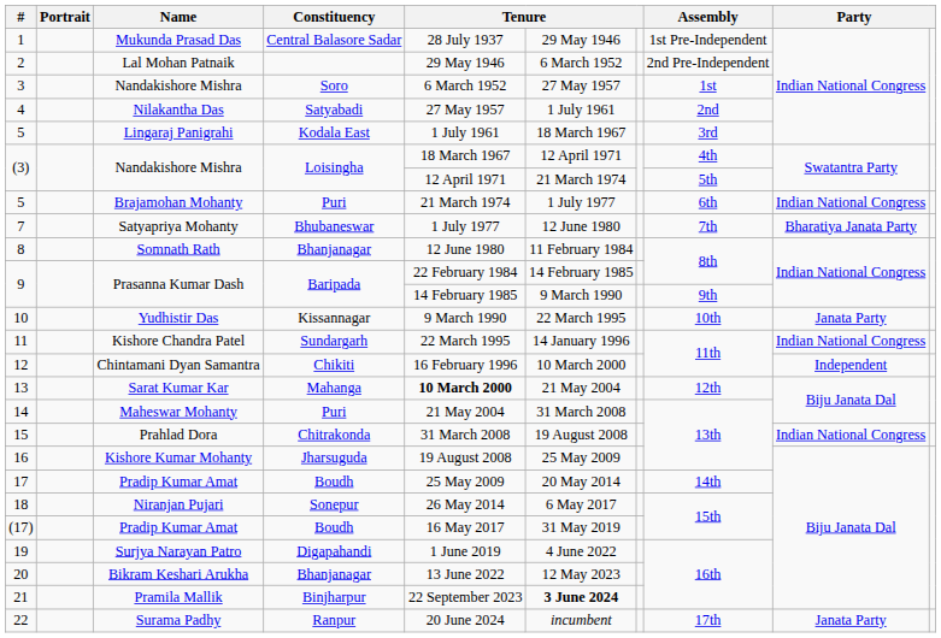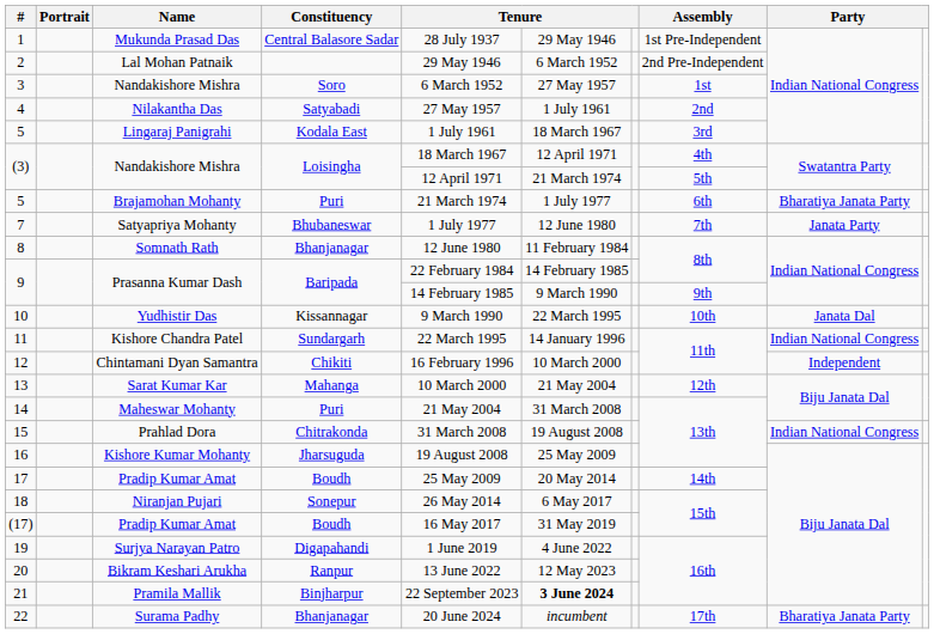 <table class="wikitable" style="text-align:center">
 <tr>
 <th>#</th>
 <th>Portrait</th>
 <th>Name</th>
 <th>Constituency</th>
 <th colspan="3">Tenure</th>
 <th>Assembly</th>
 <th colspan="2">Party</th>
 </tr>
 <tr>
 <td>1</td>
 <td></td>
 <td><a href='#'>Mukunda Prasad Das</a></td>
 <td><a href='#'>Central Balasore Sadar</a></td>
 <td>28 July 1937</td>
 <td>29 May 1946</td>
 <td></td>
 <td>1st Pre-Independent</td>
 <td rowspan="5"><a href='#'>Indian National Congress</a></td>
 <td rowspan="5" style="background-color: "></td>
 </tr>
 <tr>
 <td>2</td>
 <td></td>
 <td>Lal Mohan Patnaik</td>
 <td></td>
 <td>29 May 1946</td>
 <td>6 March 1952</td>
 <td></td>
 <td>2nd Pre-Independent</td>
 </tr>
 <tr>
 <td>3</td>
 <td></td>
 <td>Nandakishore Mishra</td>
 <td><a href='#'>Soro</a></td>
 <td>6 March 1952</td>
 <td>27 May 1957</td>
 <td></td>
 <td><a href='#'>1st</a></td>
 </tr>
 <tr>
 <td>4</td>
 <td></td>
 <td><a href='#'>Nilakantha Das</a></td>
 <td><a href='#'>Satyabadi</a></td>
 <td>27 May 1957</td>
 <td>1 July 1961</td>
 <td></td>
 <td><a href='#'>2nd</a></td>
 </tr>
 <tr>
 <td>5</td>
 <td></td>
 <td><a href='#'>Lingaraj Panigrahi</a></td>
 <td><a href='#'>Kodala East</a></td>
 <td>1 July 1961</td>
 <td>18 March 1967</td>
 <td></td>
 <td><a href='#'>3rd</a></td>
 </tr>
 <tr>
 <td rowspan="2">(3)</td>
 <td rowspan="2"></td>
 <td rowspan="2">Nandakishore Mishra</td>
 <td rowspan="2"><a href='#'>Loisingha</a></td>
 <td>18 March 1967</td>
 <td>12 April 1971</td>
 <td rowspan="2"></td>
 <td><a href='#'>4th</a></td>
 <td rowspan="2"><a href='#'>Swatantra Party</a></td>
 <td rowspan="2" style="background-color: "></td>
 </tr>
 <tr>
 <td>12 April 1971</td>
 <td>21 March 1974</td>
 <td><a href='#'>5th</a></td>
 </tr>
 <tr>
 <td>5</td>
 <td></td>
 <td><a href='#'>Brajamohan Mohanty</a></td>
 <td><a href='#'>Puri</a></td>
 <td>21 March 1974</td>
 <td>1 July 1977</td>
 <td></td>
 <td><a href='#'>6th</a></td>
-<td><a href='#'>Indian National Congress</a></td>
+<td><a href='#'>Bharatiya Janata Party</a></td>
 <td style="background-color: "></td>
 </tr>
 <tr>
 <td>7</td>
 <td></td>
 <td>Satyapriya Mohanty</td>
 <td><a href='#'>Bhubaneswar</a></td>
 <td>1 July 1977</td>
 <td>12 June 1980</td>
 <td></td>
 <td><a href='#'>7th</a></td>
-<td><a href='#'>Bharatiya Janata Party</a></td>
+<td><a href='#'>Janata Party</a></td>
 <td style="background-color: "></td>
 </tr>
 <tr>
 <td>8</td>
 <td></td>
 <td><a href='#'>Somnath Rath</a></td>
 <td><a href='#'>Bhanjanagar</a></td>
 <td>12 June 1980</td>
 <td>11 February 1984</td>
 <td></td>
 <td rowspan="2"><a href='#'>8th</a></td>
 <td rowspan="3"><a href='#'>Indian National Congress</a></td>
 <td rowspan="3" style="background-color: "></td>
 </tr>
 <tr>
 <td rowspan="2">9</td>
 <td rowspan="2"></td>
 <td rowspan="2">Prasanna Kumar Dash</td>
 <td rowspan="2"><a href='#'>Baripada</a></td>
 <td>22 February 1984</td>
 <td>14 February 1985</td>
 <td></td>
 </tr>
 <tr>
 <td>14 February 1985</td>
 <td>9 March 1990</td>
 <td></td>
 <td><a href='#'>9th</a></td>
 </tr>
 <tr>
 <td>10</td>
 <td></td>
 <td><a href='#'>Yudhistir Das</a></td>
 <td>Kissannagar</td>
 <td>9 March 1990</td>
 <td>22 March 1995</td>
 <td></td>
 <td><a href='#'>10th</a></td>
-<td><a href='#'>Janata Party</a></td>
+<td><a href='#'>Janata Dal</a></td>
 <td style="background-color: "></td>
 </tr>
 <tr>
 <td>11</td>
 <td></td>
 <td>Kishore Chandra Patel</td>
 <td><a href='#'>Sundargarh</a></td>
 <td>22 March 1995</td>
 <td>14 January 1996</td>
 <td></td>
 <td rowspan="2"><a href='#'>11th</a></td>
 <td><a href='#'>Indian National Congress</a></td>
 <td style="background-color: "></td>
 </tr>
 <tr>
 <td>12</td>
 <td></td>
 <td>Chintamani Dyan Samantra</td>
 <td><a href='#'>Chikiti</a></td>
 <td>16 February 1996</td>
 <td>10 March 2000</td>
 <td></td>
 <td><a href='#'>Independent</a></td>
 <td style="background-color: "></td>
 </tr>
 <tr>
 <td>13</td>
 <td></td>
 <td><a href='#'>Sarat Kumar Kar</a></td>
 <td><a href='#'>Mahanga</a></td>
-<td><strong>10 March 2000</strong></td>
+<td>10 March 2000</td>
 <td>21 May 2004</td>
 <td></td>
 <td><a href='#'>12th</a></td>
 <td rowspan="2"><a href='#'>Biju Janata Dal</a></td>
 <td rowspan="2" style="background-color: "></td>
 </tr>
 <tr>
 <td>14</td>
 <td></td>
 <td><a href='#'>Maheswar Mohanty</a></td>
 <td><a href='#'>Puri</a></td>
 <td>21 May 2004</td>
 <td>31 March 2008</td>
 <td></td>
 <td rowspan="3"><a href='#'>13th</a></td>
 </tr>
 <tr>
 <td>15</td>
 <td></td>
 <td>Prahlad Dora</td>
 <td><a href='#'>Chitrakonda</a></td>
 <td>31 March 2008</td>
 <td>19 August 2008</td>
 <td></td>
 <td><a href='#'>Indian National Congress</a></td>
 <td style="background-color: "></td>
 </tr>
 <tr>
 <td>16</td>
 <td></td>
 <td><a href='#'>Kishore Kumar Mohanty</a></td>
 <td><a href='#'>Jharsuguda</a></td>
 <td>19 August 2008</td>
 <td>25 May 2009</td>
 <td></td>
 <td rowspan="7"><a href='#'>Biju Janata Dal</a></td>
 <td rowspan="7" style="background-color: "></td>
 </tr>
 <tr>
 <td>17</td>
 <td></td>
 <td><a href='#'>Pradip Kumar Amat</a></td>
 <td><a href='#'>Boudh</a></td>
 <td>25 May 2009</td>
 <td>20 May 2014</td>
 <td></td>
 <td><a href='#'>14th</a></td>
 </tr>
 <tr>
 <td>18</td>
 <td></td>
 <td><a href='#'>Niranjan Pujari</a></td>
 <td><a href='#'>Sonepur</a></td>
 <td>26 May 2014</td>
 <td>6 May 2017</td>
 <td></td>
 <td rowspan="2"><a href='#'>15th</a></td>
 </tr>
 <tr>
 <td>(17)</td>
 <td></td>
 <td><a href='#'>Pradip Kumar Amat</a></td>
 <td><a href='#'>Boudh</a></td>
 <td>16 May 2017</td>
 <td>31 May 2019</td>
 <td></td>
 </tr>
 <tr>
 <td>19</td>
 <td></td>
 <td><a href='#'>Surjya Narayan Patro</a></td>
 <td><a href='#'>Digapahandi</a></td>
 <td>1 June 2019</td>
 <td>4 June 2022</td>
 <td></td>
 <td rowspan="3"><a href='#'>16th</a></td>
 </tr>
 <tr>
 <td>20</td>
 <td></td>
 <td><a href='#'>Bikram Keshari Arukha</a></td>
-<td><a href='#'>Bhanjanagar</a></td>
+<td><a href='#'>Ranpur</a></td>
 <td>13 June 2022</td>
 <td>12 May 2023</td>
 <td></td>
 </tr>
 <tr>
 <td>21</td>
 <td></td>
 <td><a href='#'>Pramila Mallik</a></td>
 <td><a href='#'>Binjharpur</a></td>
 <td>22 September 2023</td>
 <td><strong>3 June 2024</strong></td>
 <td></td>
 </tr>
 <tr>
 <td>22</td>
 <td></td>
 <td><a href='#'>Surama Padhy</a></td>
-<td><a href='#'>Ranpur</a></td>
+<td><a href='#'>Bhanjanagar</a></td>
 <td>20 June 2024</td>
 <td><em>incumbent</em></td>
 <td></td>
 <td><a href='#'>17th</a></td>
-<td><a href='#'>Janata Party</a></td>
+<td><a href='#'>Bharatiya Janata Party</a></td>
 <td style="background-color: "></td>
 </tr>
 </table>
